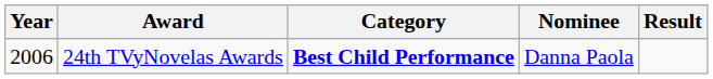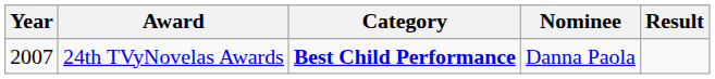 <table class="wikitable">
 <tr style="background:#b0c4de;">
 <th>Year</th>
 <th>Award</th>
 <th>Category</th>
 <th>Nominee</th>
 <th>Result</th>
 </tr>
 <tr>
-<td>2006</td>
+<td>2007</td>
 <td><a href='#'>24th TVyNovelas Awards</a></td>
 <td><strong><a href='#'>Best Child Performance</a></strong></td>
 <td><a href='#'>Danna Paola</a></td>
 <td></td>
 </tr>
 </table>
